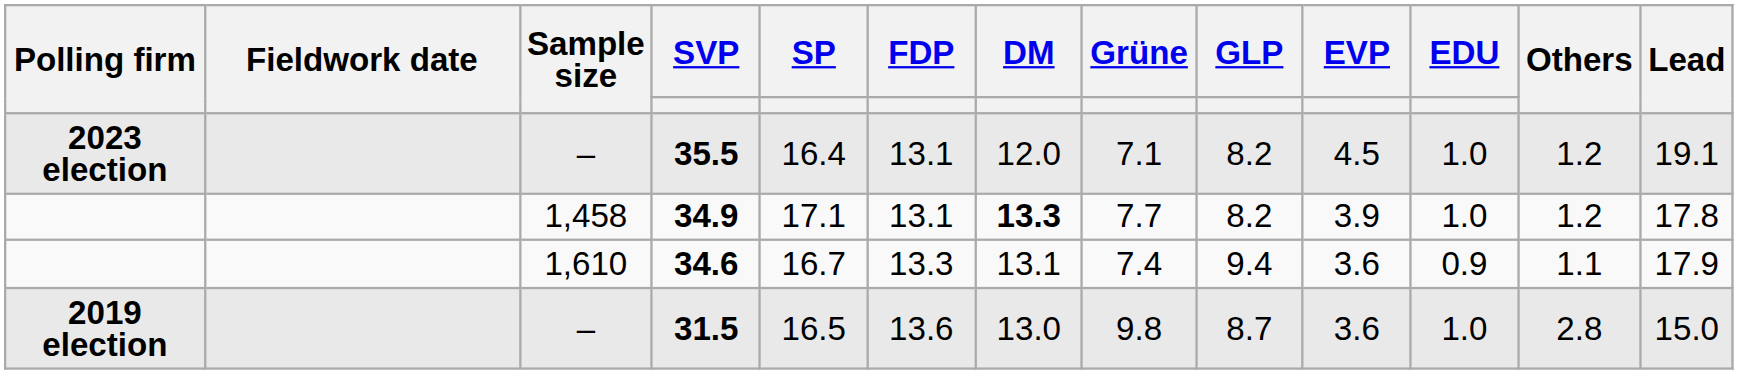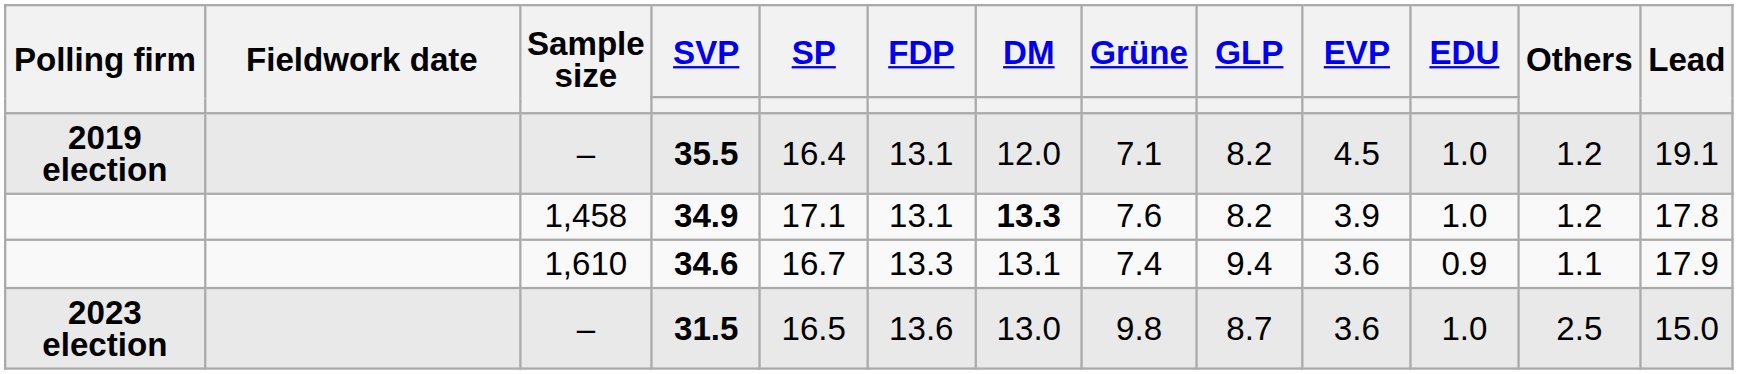 <table class="wikitable sortable" style="text-align:center;font-size:90%;line-height:14px;">
 <tr style="height:40px;">
 <th style="width:80px;" rowspan="2">Polling firm</th>
 <th style="width:130px;" rowspan="2">Fieldwork date</th>
 <th style="width:35px;" rowspan="2">Sample<br>size</th>
 <th class="unsortable" style="width:40px;"><a href='#'>SVP</a></th>
 <th class="unsortable" style="width:40px;"><a href='#'>SP</a></th>
 <th class="unsortable" style="width:40px;"><a href='#'>FDP</a></th>
 <th class="unsortable" style="width:40px;"><a href='#'>DM</a></th>
 <th class="unsortable" style="width:40px;"><a href='#'>Grüne</a></th>
 <th class="unsortable" style="width:40px;"><a href='#'>GLP</a></th>
 <th class="unsortable" style="width:40px;"><a href='#'>EVP</a></th>
 <th class="unsortable" style="width:40px;"><a href='#'>EDU</a></th>
 <th class="unsortable" style="width:30px;" rowspan="2">Others</th>
 <th style="width:30px;" rowspan="2">Lead</th>
 </tr>
 <tr>
 <th style="background:"></th>
 <th style="background:"></th>
 <th style="background:"></th>
 <th style="background:"></th>
 <th style="background:"></th>
 <th style="background:"></th>
 <th style="background:"></th>
 <th style="background:"></th>
 </tr>
 <tr style="background:#E9E9E9;">
-<td><strong>2023 election</strong></td>
+<td><strong>2019 election</strong></td>
 <td></td>
 <td>–</td>
 <td style="background:#"><strong>35.5</strong></td>
 <td>16.4</td>
 <td>13.1</td>
 <td>12.0</td>
 <td>7.1</td>
 <td>8.2</td>
 <td>4.5</td>
 <td>1.0</td>
 <td>1.2</td>
 <td style="background:">19.1</td>
 </tr>
 <tr>
 <td></td>
 <td></td>
 <td>1,458</td>
 <td style="background:#"><strong>34.9</strong></td>
 <td>17.1</td>
 <td>13.1</td>
 <td><strong>13.3</strong></td>
-<td>7.7</td>
+<td>7.6</td>
 <td>8.2</td>
 <td>3.9</td>
 <td>1.0</td>
 <td>1.2</td>
 <td style="background:">17.8</td>
 </tr>
 <tr>
 <td></td>
 <td></td>
 <td>1,610</td>
 <td style="background:#"><strong>34.6</strong></td>
 <td>16.7</td>
 <td>13.3</td>
 <td>13.1</td>
 <td>7.4</td>
 <td>9.4</td>
 <td>3.6</td>
 <td>0.9</td>
 <td>1.1</td>
 <td style="background:">17.9</td>
 </tr>
 <tr style="background:#E9E9E9;">
-<td><strong>2019 election</strong></td>
+<td><strong>2023 election</strong></td>
 <td></td>
 <td>–</td>
 <td style="background:#"><strong>31.5</strong></td>
 <td>16.5</td>
 <td>13.6</td>
 <td>13.0</td>
 <td>9.8</td>
 <td>8.7</td>
 <td>3.6</td>
 <td>1.0</td>
-<td>2.8</td>
+<td>2.5</td>
 <td style="background:">15.0</td>
 </tr>
 </table>
